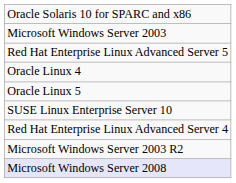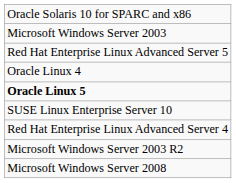 <table class="wikitable">
 <tr>
 <td>Oracle Solaris 10 for SPARC and x86</td>
 </tr>
 <tr>
 <td>Microsoft Windows Server 2003</td>
 </tr>
 <tr>
 <td>Red Hat Enterprise Linux Advanced Server 5</td>
 </tr>
 <tr>
 <td>Oracle Linux 4</td>
 </tr>
 <tr>
-<td>Oracle Linux 5</td>
+<td><strong>Oracle Linux 5</strong></td>
 </tr>
 <tr>
 <td>SUSE Linux Enterprise Server 10</td>
 </tr>
 <tr>
 <td>Red Hat Enterprise Linux Advanced Server 4</td>
 </tr>
 <tr>
 <td>Microsoft Windows Server 2003 R2</td>
 </tr>
 <tr>
-<td style="background: lavender;">Microsoft Windows Server 2008</td>
+<td>Microsoft Windows Server 2008</td>
 </tr>
 </table>
